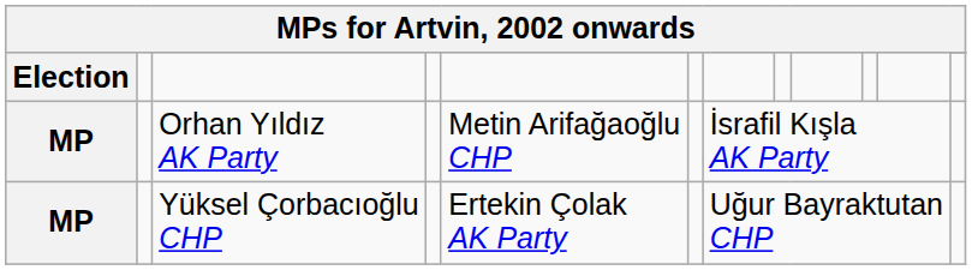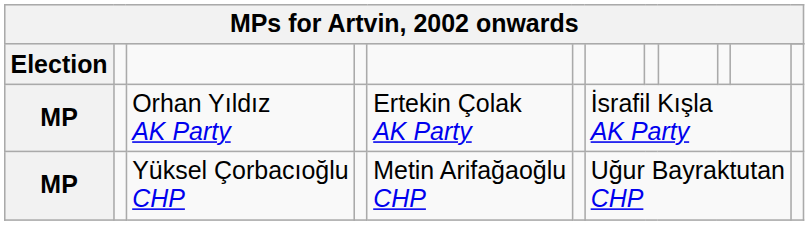 <table class="wikitable">
 <tr>
 <th colspan = 12>MPs for Artvin, 2002 onwards</th>
 </tr>
 <tr>
 <th rowspan = 2>Election</th>
 <td rowspan="2" style="width:1px;"></td>
 <td rowspan = 2></td>
 <td rowspan="2" style="width:1px;"></td>
 <td rowspan = 2></td>
 <td rowspan="2" style="width:1px;"></td>
 <td rowspan = 2></td>
 <td rowspan="2" style="width:1px;"></td>
 <td rowspan = 2></td>
 <td rowspan="2" style="width:1px;"></td>
 <td rowspan = 2></td>
 </tr>
 <tr>
 <td></td>
 </tr>
 <tr>
 <th>MP</th>
 <td width=1px style="background-color: "></td>
 <td colspan = 1>Orhan Yıldız<br><em><a href='#'>AK Party</a></em></td>
 <td width=1px style="background-color: "></td>
-<td colspan = 1>Metin Arifağaoğlu<br><em><a href='#'>CHP</a></em></td>
+<td colspan = 1>Ertekin Çolak<br><em><a href='#'>AK Party</a></em></td>
 <td width=1px style="background-color: "></td>
 <td colspan = 5>İsrafil Kışla<br><em><a href='#'>AK Party</a></em></td>
 <td width=1px style="background-color: "></td>
 </tr>
 <tr>
 <th>MP</th>
 <td width=1px style="background-color: "></td>
 <td colspan = 1>Yüksel Çorbacıoğlu<br><em><a href='#'>CHP</a></em></td>
 <td width=1px style="background-color: "></td>
-<td colspan = 1>Ertekin Çolak<br><em><a href='#'>AK Party</a></em></td>
+<td colspan = 1>Metin Arifağaoğlu<br><em><a href='#'>CHP</a></em></td>
 <td width=1px style="background-color: "></td>
 <td colspan = 5>Uğur Bayraktutan<br><em><a href='#'>CHP</a></em></td>
 <td width=1px style="background-color: "></td>
 </tr>
 </table>
